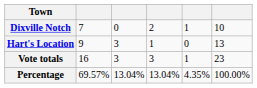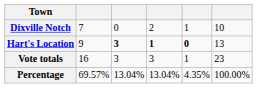 <table class="wikitable sortable" style=margin:auto;margin:auto>
 <tr valign=bottom>
 <th>Town</th>
 <th></th>
 <th></th>
 <th></th>
 <th></th>
 <th></th>
 </tr>
 <tr>
 <th><a href='#'>Dixville Notch</a></th>
 <td>7</td>
 <td>0</td>
 <td>2</td>
 <td>1</td>
 <td>10</td>
 </tr>
 <tr>
 <th><a href='#'>Hart's Location</a></th>
 <td>9</td>
-<td>3</td>
-<td>1</td>
-<td>0</td>
+<td><strong>3</strong></td>
+<td><strong>1</strong></td>
+<td><strong>0</strong></td>
 <td>13</td>
 </tr>
 <tr>
 <th>Vote totals</th>
 <td>16</td>
 <td>3</td>
 <td>3</td>
 <td>1</td>
 <td>23</td>
 </tr>
 <tr>
 <th>Percentage</th>
 <td>69.57%</td>
 <td>13.04%</td>
 <td>13.04%</td>
 <td>4.35%</td>
 <td>100.00%</td>
 </tr>
 </table>
